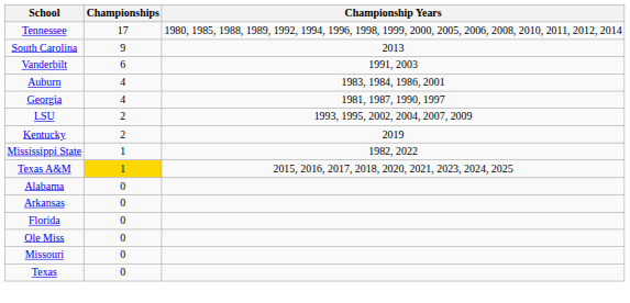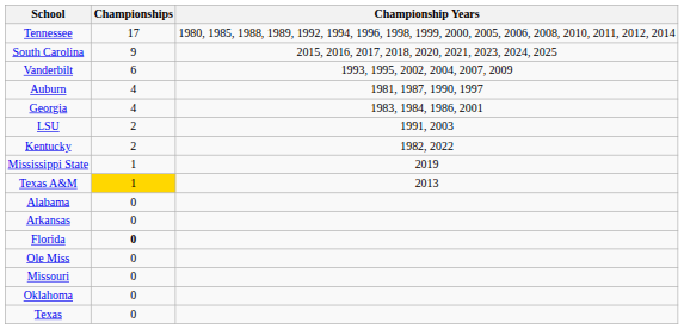 <table class="wikitable sortable" style="text-align:center">
 <tr>
 <th width=px>School</th>
 <th width=px>Championships</th>
 <th width=px>Championship Years</th>
 </tr>
 <tr>
 <td><a href='#'>Tennessee</a></td>
 <td>17</td>
 <td>1980, 1985, 1988, 1989, 1992, 1994, 1996, 1998, 1999, 2000, 2005, 2006, 2008, 2010, 2011, 2012, 2014</td>
 </tr>
 <tr>
 <td><a href='#'>South Carolina</a></td>
 <td>9</td>
-<td>2013</td>
+<td>2015, 2016, 2017, 2018, 2020, 2021, 2023, 2024, 2025</td>
 </tr>
 <tr>
 <td><a href='#'>Vanderbilt</a></td>
 <td>6</td>
-<td>1991, 2003</td>
+<td>1993, 1995, 2002, 2004, 2007, 2009</td>
 </tr>
 <tr>
 <td><a href='#'>Auburn</a></td>
 <td>4</td>
-<td>1983, 1984, 1986, 2001</td>
+<td>1981, 1987, 1990, 1997</td>
 </tr>
 <tr>
 <td><a href='#'>Georgia</a></td>
 <td>4</td>
-<td>1981, 1987, 1990, 1997</td>
+<td>1983, 1984, 1986, 2001</td>
 </tr>
 <tr>
 <td><a href='#'>LSU</a></td>
 <td>2</td>
-<td>1993, 1995, 2002, 2004, 2007, 2009</td>
+<td>1991, 2003</td>
 </tr>
 <tr>
 <td><a href='#'>Kentucky</a></td>
 <td>2</td>
-<td>2019</td>
+<td>1982, 2022</td>
 </tr>
 <tr>
 <td><a href='#'>Mississippi State</a></td>
 <td>1</td>
-<td>1982, 2022</td>
+<td>2019</td>
 </tr>
 <tr>
 <td><a href='#'>Texas A&M</a></td>
 <td style="background: gold;">1</td>
-<td>2015, 2016, 2017, 2018, 2020, 2021, 2023, 2024, 2025</td>
+<td>2013</td>
 </tr>
 <tr>
 <td><a href='#'>Alabama</a></td>
 <td>0</td>
 <td></td>
 </tr>
 <tr>
 <td><a href='#'>Arkansas</a></td>
 <td>0</td>
 <td></td>
 </tr>
 <tr>
 <td><a href='#'>Florida</a></td>
-<td>0</td>
+<td><strong>0</strong></td>
 <td></td>
 </tr>
 <tr>
 <td><a href='#'>Ole Miss</a></td>
 <td>0</td>
 <td></td>
 </tr>
 <tr>
 <td><a href='#'>Missouri</a></td>
 <td>0</td>
 <td></td>
 </tr>
 <tr>
+<td><a href='#'>Oklahoma</a></td>
+<td>0</td>
+<td></td>
+</tr>
+<tr>
 <td><a href='#'>Texas</a></td>
 <td>0</td>
 <td></td>
 </tr>
 </table>
